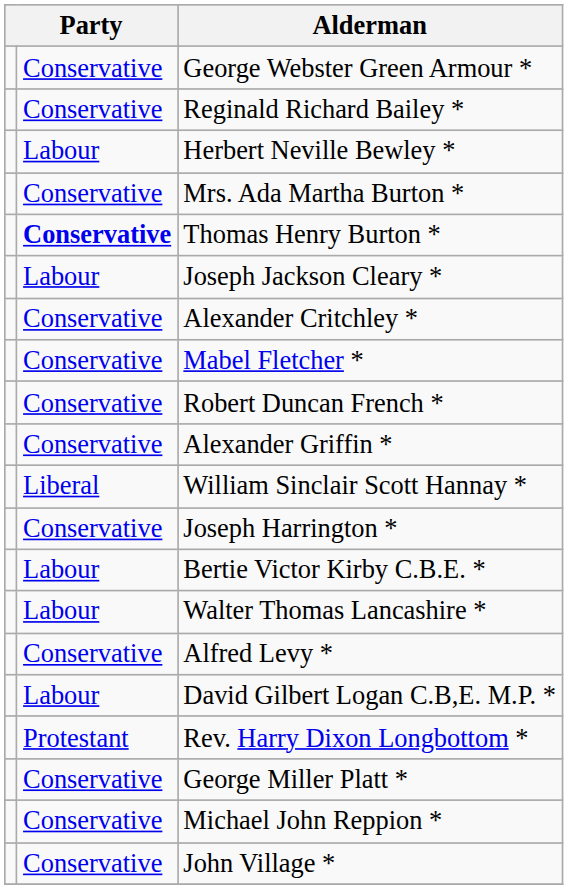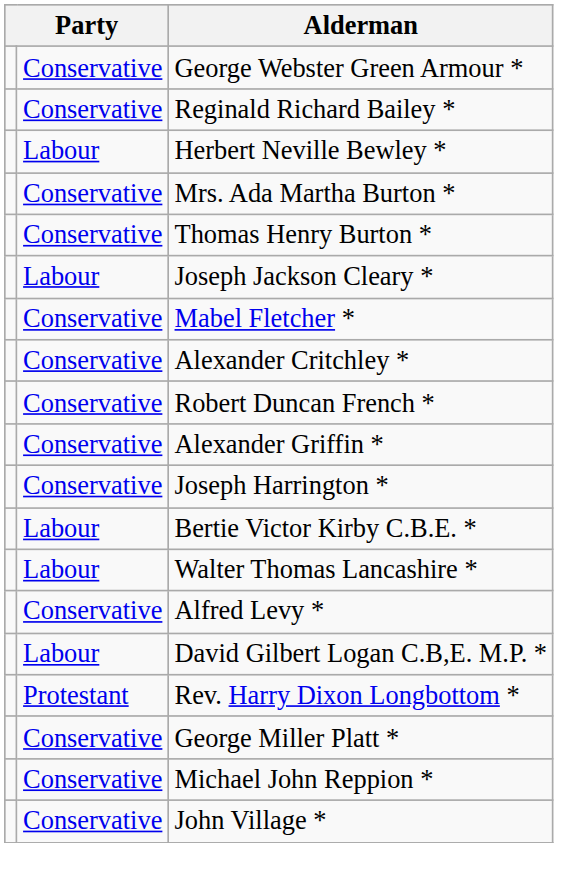 <table class="wikitable">
 <tr>
 <th colspan="2">Party</th>
 <th>Alderman</th>
 </tr>
 <tr>
 <td style="background-color:"></td>
 <td><a href='#'>Conservative</a></td>
 <td>George Webster Green Armour *</td>
 </tr>
 <tr>
 <td style="background-color:"></td>
 <td><a href='#'>Conservative</a></td>
 <td>Reginald Richard Bailey *</td>
 </tr>
 <tr>
 <td style="background-color:"></td>
 <td><a href='#'>Labour</a></td>
 <td>Herbert Neville Bewley *</td>
 </tr>
 <tr>
 <td style="background-color:"></td>
 <td><a href='#'>Conservative</a></td>
 <td>Mrs. Ada Martha Burton *</td>
 </tr>
 <tr>
 <td style="background-color:"></td>
-<td><strong><a href='#'>Conservative</a></strong></td>
+<td><a href='#'>Conservative</a></td>
 <td>Thomas Henry Burton *</td>
 </tr>
 <tr>
 <td style="background-color:"></td>
 <td><a href='#'>Labour</a></td>
 <td>Joseph Jackson Cleary *</td>
 </tr>
 <tr>
 <td style="background-color:"></td>
 <td><a href='#'>Conservative</a></td>
-<td>Alexander Critchley *</td>
+<td><a href='#'>Mabel Fletcher</a> *</td>
 </tr>
 <tr>
 <td style="background-color:"></td>
 <td><a href='#'>Conservative</a></td>
-<td><a href='#'>Mabel Fletcher</a> *</td>
+<td>Alexander Critchley *</td>
 </tr>
 <tr>
 <td style="background-color:"></td>
 <td><a href='#'>Conservative</a></td>
 <td>Robert Duncan French *</td>
 </tr>
 <tr>
 <td style="background-color:"></td>
 <td><a href='#'>Conservative</a></td>
 <td>Alexander Griffin *</td>
-</tr>
-<tr>
-<td style="background-color:"></td>
-<td><a href='#'>Liberal</a></td>
-<td>William Sinclair Scott Hannay *</td>
 </tr>
 <tr>
 <td style="background-color:"></td>
 <td><a href='#'>Conservative</a></td>
 <td>Joseph Harrington *</td>
 </tr>
 <tr>
 <td style="background-color:"></td>
 <td><a href='#'>Labour</a></td>
 <td>Bertie Victor Kirby C.B.E. *</td>
 </tr>
 <tr>
 <td style="background-color:"></td>
 <td><a href='#'>Labour</a></td>
 <td>Walter Thomas Lancashire *</td>
 </tr>
 <tr>
 <td style="background-color:"></td>
 <td><a href='#'>Conservative</a></td>
 <td>Alfred Levy *</td>
 </tr>
 <tr>
 <td style="background-color:"></td>
 <td><a href='#'>Labour</a></td>
 <td>David Gilbert Logan C.B,E. M.P. *</td>
 </tr>
 <tr>
 <td style="background-color:"></td>
 <td><a href='#'>Protestant</a></td>
 <td>Rev. <a href='#'>Harry Dixon Longbottom</a> *</td>
 </tr>
 <tr>
 <td style="background-color:"></td>
 <td><a href='#'>Conservative</a></td>
 <td>George Miller Platt *</td>
 </tr>
 <tr>
 <td style="background-color:"></td>
 <td><a href='#'>Conservative</a></td>
 <td>Michael John Reppion *</td>
 </tr>
 <tr>
 <td style="background-color:"></td>
 <td><a href='#'>Conservative</a></td>
 <td>John Village *</td>
 </tr>
 <tr>
 </tr>
 </table>
